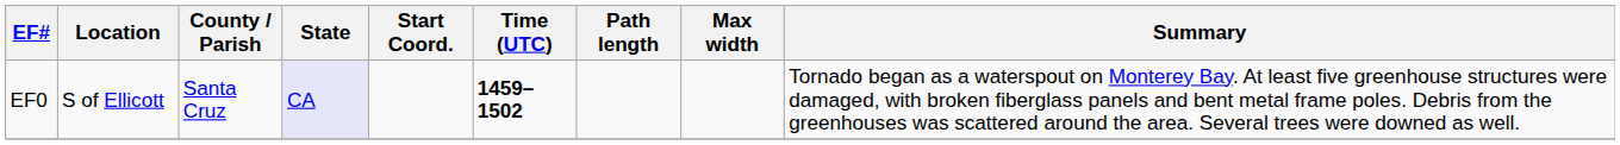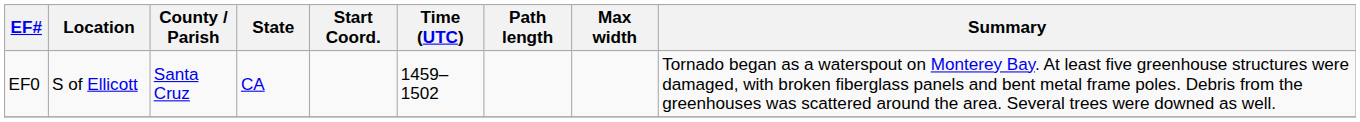 <table class="wikitable sortable" style="width:100%;">
 <tr>
 <th scope="col" width="3%" align="center"><a href='#'>EF#</a></th>
 <th scope="col" width="7%" align="center" class="unsortable">Location</th>
 <th scope="col" width="6%" align="center" class="unsortable">County / Parish</th>
 <th scope="col" width="5%" align="center">State</th>
 <th scope="col" width="6%" align="center">Start Coord.</th>
 <th scope="col" width="6%" align="center">Time (<a href='#'>UTC</a>)</th>
 <th scope="col" width="6%" align="center">Path length</th>
 <th scope="col" width="6%" align="center">Max width</th>
 <th scope="col" width="48%" class="unsortable" align="center">Summary</th>
 </tr>
 <tr>
 <td>EF0</td>
 <td>S of <a href='#'>Ellicott</a></td>
 <td><a href='#'>Santa Cruz</a></td>
-<td style="background: lavender;"><a href='#'>CA</a></td>
+<td><a href='#'>CA</a></td>
 <td></td>
-<td><strong>1459–1502</strong></td>
+<td>1459–1502</td>
 <td></td>
 <td></td>
 <td>Tornado began as a waterspout on <a href='#'>Monterey Bay</a>. At least five greenhouse structures were damaged, with broken fiberglass panels and bent metal frame poles. Debris from the greenhouses was scattered around the area. Several trees were downed as well.</td>
 </tr>
 <tr>
 </tr>
 </table>
